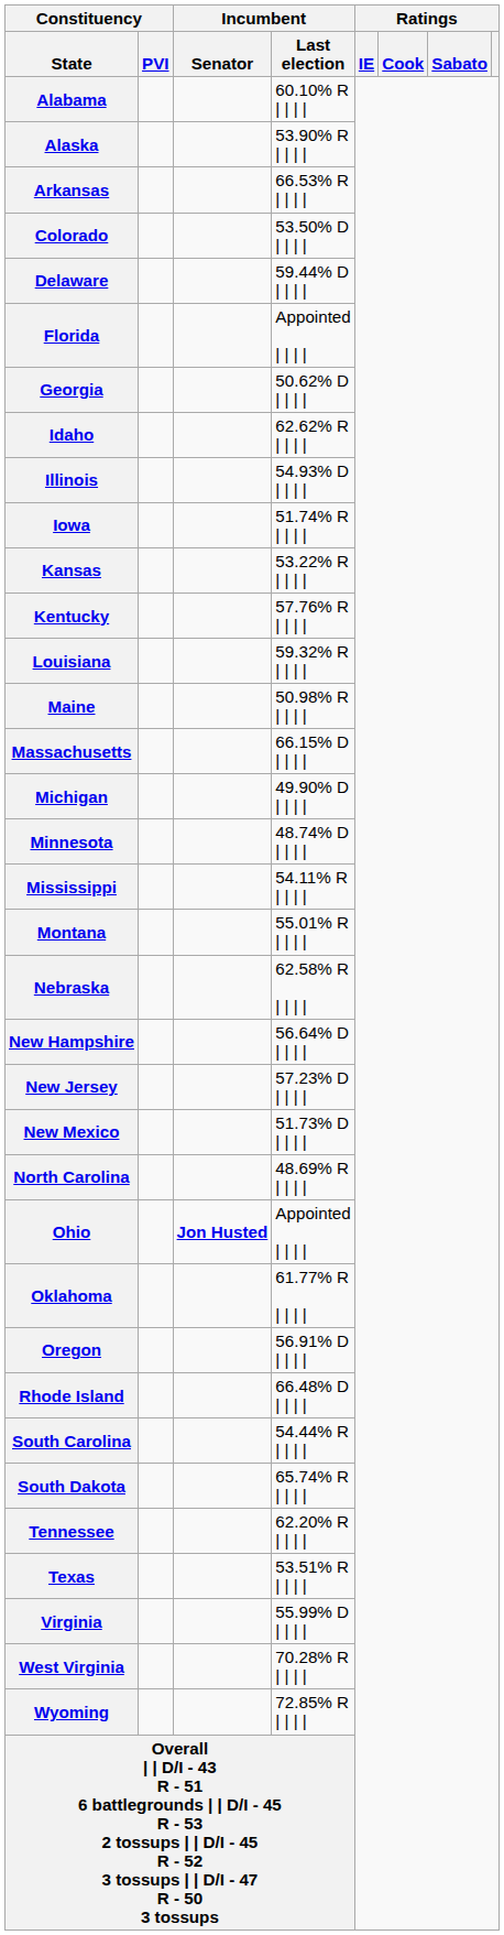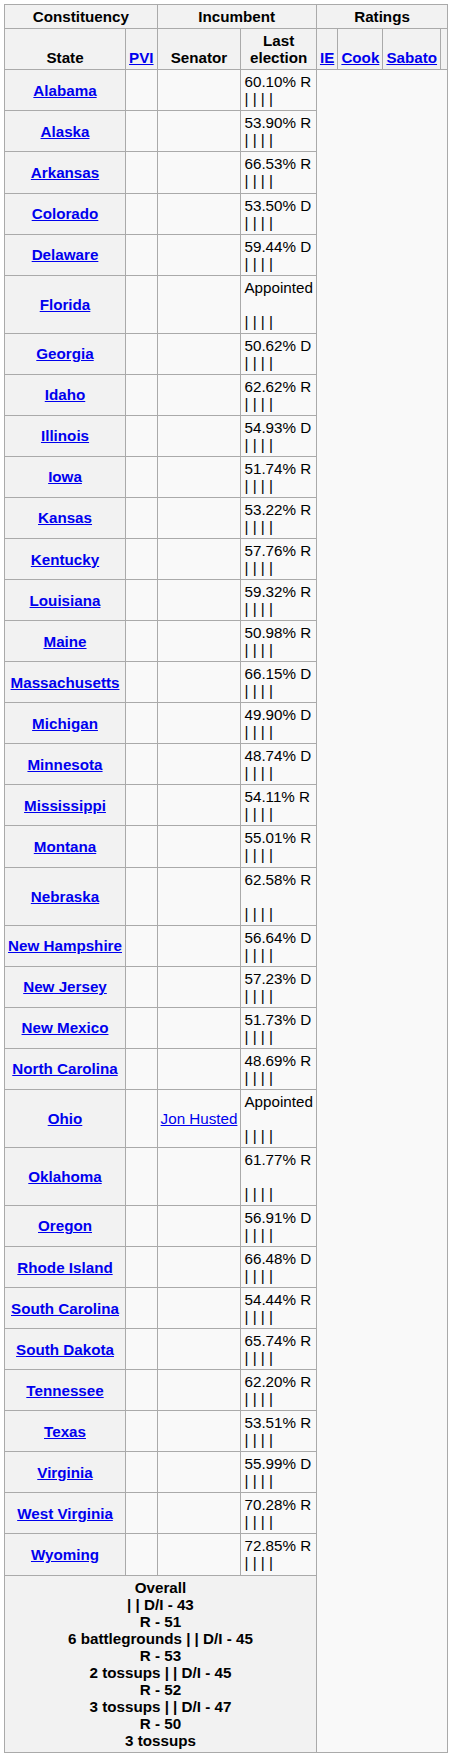 <table class="wikitable sortable sticky-header-multi" style="font-size:95%;">
 <tr style="vertical-align:bottom">
 <th colspan=2>Constituency</th>
 <th colspan=2>Incumbent</th>
 <th colspan=4>Ratings</th>
 </tr>
 <tr style="vertical-align:bottom">
 <th>State</th>
 <th><a href='#'>PVI</a></th>
 <th>Senator</th>
 <th data-sort-type="number">Last<br>election</th>
 <th><a href='#'>IE</a><br></th>
 <th><a href='#'>Cook</a><br></th>
 <th><a href='#'>Sabato</a><br></th>
 <th><br></th>
 </tr>
 <tr>
 </tr>
 <tr>
 <th><a href='#'>Alabama</a></th>
 <td></td>
 <td><br></td>
 <td>60.10% R<br>     |     |   |       | </td>
 </tr>
 <tr>
 <th><a href='#'>Alaska</a></th>
 <td></td>
 <td></td>
 <td>53.90% R<br>     |     |   |       | </td>
 </tr>
 <tr>
 <th><a href='#'>Arkansas</a></th>
 <td></td>
 <td></td>
 <td>66.53% R<br>     |     |   |       | </td>
 </tr>
 <tr>
 <th><a href='#'>Colorado</a></th>
 <td></td>
 <td></td>
 <td>53.50% D<br>     |     |   |       | </td>
 </tr>
 <tr>
 <th><a href='#'>Delaware</a></th>
 <td></td>
 <td></td>
 <td>59.44% D<br>     |     |   |       | </td>
 </tr>
 <tr>
 <th><a href='#'>Florida</a><br></th>
 <td></td>
 <td></td>
 <td data-sort-value="100.0">Appointed<br><br>     |     |   |       | </td>
 </tr>
 <tr>
 <th><a href='#'>Georgia</a></th>
 <td></td>
 <td></td>
 <td>50.62% D<br>     |     |   |       | </td>
 </tr>
 <tr>
 <th><a href='#'>Idaho</a></th>
 <td></td>
 <td></td>
 <td>62.62% R<br>     |     |   |       | </td>
 </tr>
 <tr>
 <th><a href='#'>Illinois</a></th>
 <td></td>
 <td><br></td>
 <td>54.93% D<br>     |     |   |       | </td>
 </tr>
 <tr>
 <th><a href='#'>Iowa</a></th>
 <td></td>
 <td></td>
 <td>51.74% R<br>     |     |   |       | </td>
 </tr>
 <tr>
 <th><a href='#'>Kansas</a></th>
 <td></td>
 <td></td>
 <td>53.22% R<br>     |     |   |       | </td>
 </tr>
 <tr>
 <th><a href='#'>Kentucky</a></th>
 <td></td>
 <td><br></td>
 <td>57.76% R<br>     |     |   |       | </td>
 </tr>
 <tr>
 <th><a href='#'>Louisiana</a></th>
 <td></td>
 <td></td>
 <td>59.32% R<br>     |     |   |       | </td>
 </tr>
 <tr>
 <th><a href='#'>Maine</a></th>
 <td></td>
 <td></td>
 <td>50.98% R<br>     |     |   |       | </td>
 </tr>
 <tr>
 <th><a href='#'>Massachusetts</a></th>
 <td></td>
 <td></td>
 <td>66.15% D<br>     |     |   |       | </td>
 </tr>
 <tr>
 <th><a href='#'>Michigan</a></th>
 <td></td>
 <td><br></td>
 <td>49.90% D<br>     |     |   |       | </td>
 </tr>
 <tr>
 <th><a href='#'>Minnesota</a></th>
 <td></td>
 <td><br></td>
 <td>48.74% D<br>     |     |   |       | </td>
 </tr>
 <tr>
 <th><a href='#'>Mississippi</a></th>
 <td></td>
 <td></td>
 <td>54.11% R<br>     |     |   |       | </td>
 </tr>
 <tr>
 <th><a href='#'>Montana</a></th>
 <td></td>
 <td></td>
 <td>55.01% R<br>     |     |   |       | </td>
 </tr>
 <tr>
 <th><a href='#'>Nebraska</a></th>
 <td></td>
 <td></td>
 <td>62.58% R<br><br>     |     |   |       | </td>
 </tr>
 <tr>
 <th><a href='#'>New Hampshire</a></th>
 <td></td>
 <td><br></td>
 <td>56.64% D<br>     |     |   |       | </td>
 </tr>
 <tr>
 <th><a href='#'>New Jersey</a></th>
 <td></td>
 <td></td>
 <td>57.23% D<br>     |     |   |       | </td>
 </tr>
 <tr>
 <th><a href='#'>New Mexico</a></th>
 <td></td>
 <td></td>
 <td>51.73% D<br>     |     |   |       | </td>
 </tr>
 <tr>
 <th><a href='#'>North Carolina</a></th>
 <td></td>
 <td></td>
 <td>48.69% R<br>     |     |   |       | </td>
 </tr>
 <tr>
 <th><a href='#'>Ohio</a><br></th>
 <td></td>
-<td><strong><a href='#'>Jon Husted</a></strong></td>
+<td><a href='#'>Jon Husted</a></td>
 <td data-sort-value="100.0">Appointed<br><br>     |     |   |       | </td>
 </tr>
 <tr>
 <th><a href='#'>Oklahoma</a></th>
 <td></td>
 <td></td>
 <td>61.77% R<br><br>     |     |   |       | </td>
 </tr>
 <tr>
 <th><a href='#'>Oregon</a></th>
 <td></td>
 <td></td>
 <td>56.91% D<br>     |     |   |       | </td>
 </tr>
 <tr>
 <th><a href='#'>Rhode Island</a></th>
 <td></td>
 <td></td>
 <td>66.48% D<br>     |     |   |       | </td>
 </tr>
 <tr>
 <th><a href='#'>South Carolina</a></th>
 <td></td>
 <td></td>
 <td>54.44% R<br>     |     |   |       | </td>
 </tr>
 <tr>
 <th><a href='#'>South Dakota</a></th>
 <td></td>
 <td></td>
 <td>65.74% R<br>   |     |   |       | </td>
 </tr>
 <tr>
 <th><a href='#'>Tennessee</a></th>
 <td></td>
 <td></td>
 <td>62.20% R<br>   |     |   |       | </td>
 </tr>
 <tr>
 <th><a href='#'>Texas</a></th>
 <td></td>
 <td></td>
 <td>53.51% R<br>     |     |   |       | </td>
 </tr>
 <tr>
 <th><a href='#'>Virginia</a></th>
 <td></td>
 <td></td>
 <td>55.99% D<br>     |     |   |       | </td>
 </tr>
 <tr>
 <th><a href='#'>West Virginia</a></th>
 <td></td>
 <td></td>
 <td>70.28% R<br>     |     |   |       | </td>
 </tr>
 <tr>
 <th><a href='#'>Wyoming</a></th>
 <td></td>
 <td></td>
 <td>72.85% R<br>     |     |   |       | </td>
 </tr>
 <tr class="sortbottom">
 <th colspan=4>Overall<br>  | | D/I - 43<br>R - 51<br>6 battlegrounds   | | D/I - 45<br>R - 53<br>2 tossups   | | D/I - 45<br>R - 52<br>3 tossups   | | D/I - 47<br>R - 50<br>3 tossups</th>
 </tr>
 </table>
